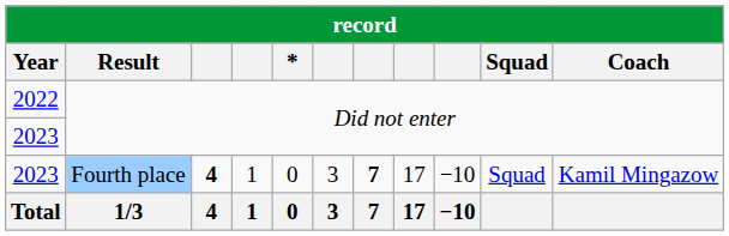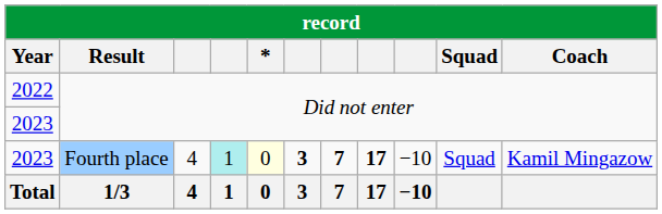 <table class="wikitable mw-collapsible" style="text-align: center;font-size:95%;">
 <tr>
 <th colspan="11" style="background: #009739; color: #FFFFFF;"><a href='#'></a> record</th>
 </tr>
 <tr>
 <th>Year</th>
 <th>Result</th>
 <th width=20></th>
 <th width=20></th>
 <th width=20>*</th>
 <th width=20></th>
 <th width=20></th>
 <th width=20></th>
 <th width=20></th>
 <th>Squad</th>
 <th>Coach</th>
 </tr>
 <tr>
 <td> <a href='#'>2022</a></td>
 <td colspan=10 rowspan=2><em>Did not enter</em></td>
 </tr>
 <tr>
 <td> <a href='#'>2023</a></td>
 </tr>
 <tr>
 <td> <a href='#'>2023</a></td>
 <td style="background:#9acdff;">Fourth place</td>
-<td><strong>4</strong></td>
-<td>1</td>
-<td>0</td>
-<td>3</td>
+<td>4</td>
+<td style="background: paleturquoise;">1</td>
+<td style="background: lightyellow;">0</td>
+<td><strong>3</strong></td>
 <td><strong>7</strong></td>
-<td>17</td>
+<td><strong>17</strong></td>
 <td>−10</td>
 <td><a href='#'>Squad</a></td>
 <td><a href='#'>Kamil Mingazow</a></td>
 </tr>
 <tr>
 <th>Total</th>
 <th>1/3</th>
 <th>4</th>
 <th>1</th>
 <th>0</th>
 <th>3</th>
 <th>7</th>
 <th>17</th>
 <th>−10</th>
 <th></th>
 <th></th>
 </tr>
 </table>
